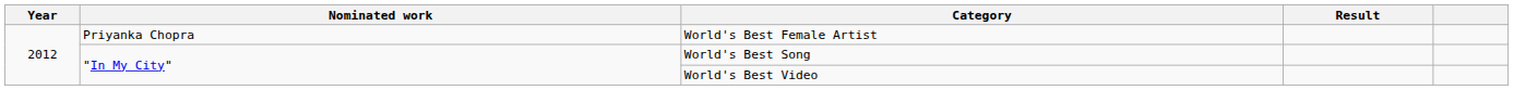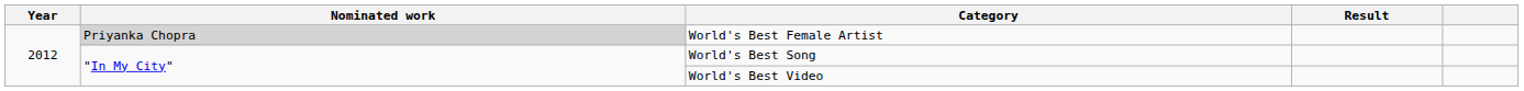 <table class="wikitable sortable" width=100%>
 <tr>
 <th width=5%>Year</th>
 <th width=40%>Nominated work</th>
 <th width=40%>Category</th>
 <th width=10%>Result</th>
 <th width=5%></th>
 </tr>
 <tr>
 <td rowspan="3" style="text-align:center;">2012</td>
-<td style="text-align:left;">Priyanka Chopra</td>
+<td style="background: lightgrey; text-align:left;">Priyanka Chopra</td>
 <td>World's Best Female Artist</td>
 <td></td>
 <td style="text-align:center;"></td>
 </tr>
 <tr>
 <td rowspan="2" style="text-align:left;">"<a href='#'>In My City</a>"</td>
 <td>World's Best Song</td>
 <td></td>
 <td style="text-align:center;"></td>
 </tr>
 <tr>
 <td>World's Best Video</td>
 <td></td>
 <td style="text-align:center;"></td>
 </tr>
 </table>
